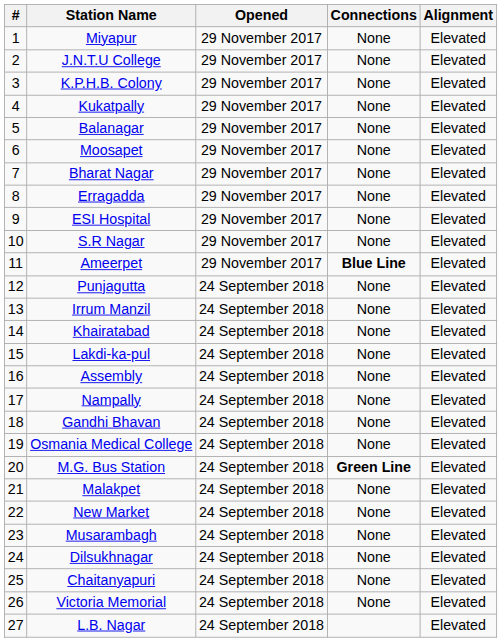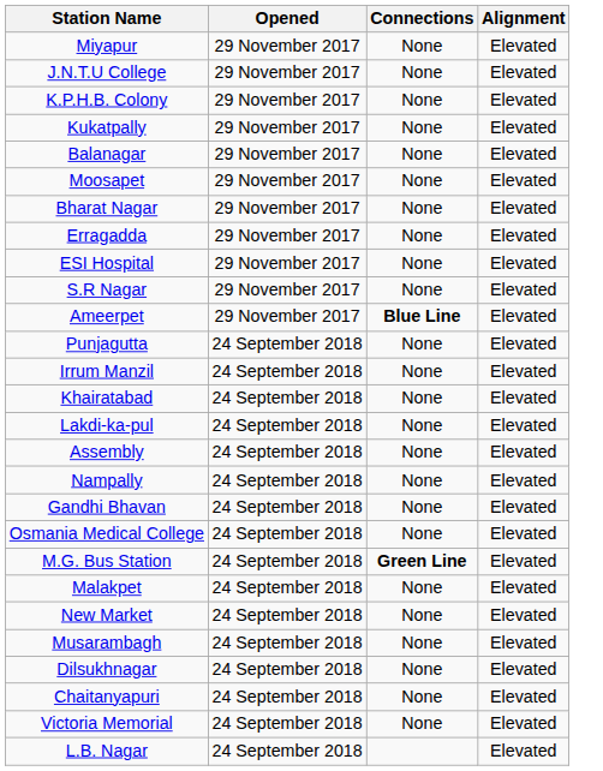 <table class="wikitable" style="text-align: center;">
 <tr>
-<th>#</th>
 <th>Station Name</th>
 <th>Opened</th>
 <th>Connections</th>
 <th>Alignment</th>
 </tr>
 <tr>
-<td>1</td>
 <td><a href='#'>Miyapur</a></td>
 <td>29 November 2017</td>
 <td>None</td>
 <td>Elevated</td>
 </tr>
 <tr>
-<td>2</td>
 <td><a href='#'>J.N.T.U College</a></td>
 <td>29 November 2017</td>
 <td>None</td>
 <td>Elevated</td>
 </tr>
 <tr>
-<td>3</td>
 <td><a href='#'>K.P.H.B. Colony</a></td>
 <td>29 November 2017</td>
 <td>None</td>
 <td>Elevated</td>
 </tr>
 <tr>
-<td>4</td>
 <td><a href='#'>Kukatpally</a></td>
 <td>29 November 2017</td>
 <td>None</td>
 <td>Elevated</td>
 </tr>
 <tr>
-<td>5</td>
 <td><a href='#'>Balanagar</a></td>
 <td>29 November 2017</td>
 <td>None</td>
 <td>Elevated</td>
 </tr>
 <tr>
-<td>6</td>
 <td><a href='#'>Moosapet</a></td>
 <td>29 November 2017</td>
 <td>None</td>
 <td>Elevated</td>
 </tr>
 <tr>
-<td>7</td>
 <td><a href='#'>Bharat Nagar</a></td>
 <td>29 November 2017</td>
 <td>None</td>
 <td>Elevated</td>
 </tr>
 <tr>
-<td>8</td>
 <td><a href='#'>Erragadda</a></td>
 <td>29 November 2017</td>
 <td>None</td>
 <td>Elevated</td>
 </tr>
 <tr>
-<td>9</td>
 <td><a href='#'>ESI Hospital</a></td>
 <td>29 November 2017</td>
 <td>None</td>
 <td>Elevated</td>
 </tr>
 <tr>
-<td>10</td>
 <td><a href='#'>S.R Nagar</a></td>
 <td>29 November 2017</td>
 <td>None</td>
 <td>Elevated</td>
 </tr>
 <tr>
-<td>11</td>
 <td><a href='#'>Ameerpet</a></td>
 <td>29 November 2017</td>
 <td style="background:#"><strong><span>Blue Line</span></strong></td>
 <td>Elevated</td>
 </tr>
 <tr>
-<td>12</td>
 <td><a href='#'>Punjagutta</a></td>
 <td>24 September 2018</td>
 <td>None</td>
 <td>Elevated</td>
 </tr>
 <tr>
-<td>13</td>
 <td><a href='#'>Irrum Manzil</a></td>
 <td>24 September 2018</td>
 <td>None</td>
 <td>Elevated</td>
 </tr>
 <tr>
-<td>14</td>
 <td><a href='#'>Khairatabad</a></td>
 <td>24 September 2018</td>
 <td>None</td>
 <td>Elevated</td>
 </tr>
 <tr>
-<td>15</td>
 <td><a href='#'>Lakdi-ka-pul</a></td>
 <td>24 September 2018</td>
 <td>None</td>
 <td>Elevated</td>
 </tr>
 <tr>
-<td>16</td>
 <td><a href='#'>Assembly</a></td>
 <td>24 September 2018</td>
 <td>None</td>
 <td>Elevated</td>
 </tr>
 <tr>
-<td>17</td>
 <td><a href='#'>Nampally</a></td>
 <td>24 September 2018</td>
 <td>None</td>
 <td>Elevated</td>
 </tr>
 <tr>
-<td>18</td>
 <td><a href='#'>Gandhi Bhavan</a></td>
 <td>24 September 2018</td>
 <td>None</td>
 <td>Elevated</td>
 </tr>
 <tr>
-<td>19</td>
 <td><a href='#'>Osmania Medical College</a></td>
 <td>24 September 2018</td>
 <td>None</td>
 <td>Elevated</td>
 </tr>
 <tr>
-<td>20</td>
 <td><a href='#'>M.G. Bus Station</a></td>
 <td>24 September 2018</td>
 <td style="background:#"><strong><span>Green Line</span></strong></td>
 <td>Elevated</td>
 </tr>
 <tr>
-<td>21</td>
 <td><a href='#'>Malakpet</a></td>
 <td>24 September 2018</td>
 <td>None</td>
 <td>Elevated</td>
 </tr>
 <tr>
-<td>22</td>
 <td><a href='#'>New Market</a></td>
 <td>24 September 2018</td>
 <td>None</td>
 <td>Elevated</td>
 </tr>
 <tr>
-<td>23</td>
 <td><a href='#'>Musarambagh</a></td>
 <td>24 September 2018</td>
 <td>None</td>
 <td>Elevated</td>
 </tr>
 <tr>
-<td>24</td>
 <td><a href='#'>Dilsukhnagar</a></td>
 <td>24 September 2018</td>
 <td>None</td>
 <td>Elevated</td>
 </tr>
 <tr>
-<td>25</td>
 <td><a href='#'>Chaitanyapuri</a></td>
 <td>24 September 2018</td>
 <td>None</td>
 <td>Elevated</td>
 </tr>
 <tr>
-<td>26</td>
 <td><a href='#'>Victoria Memorial</a></td>
 <td>24 September 2018</td>
 <td>None</td>
 <td>Elevated</td>
 </tr>
 <tr>
-<td>27</td>
 <td><a href='#'>L.B. Nagar</a></td>
 <td>24 September 2018</td>
 <td></td>
 <td>Elevated</td>
 </tr>
 </table>
